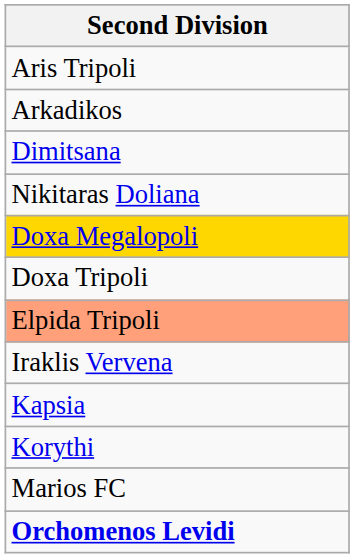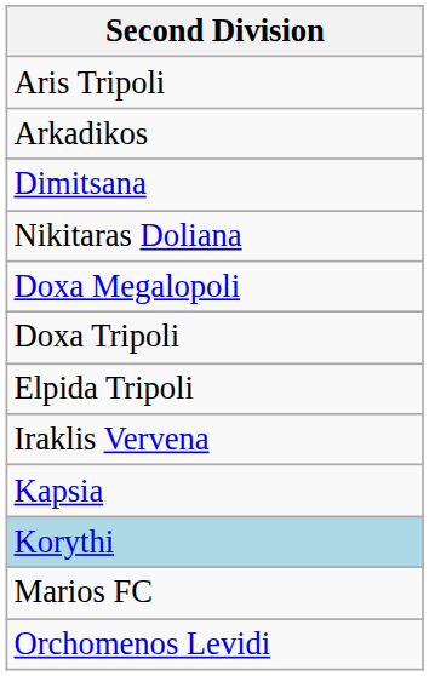 <table class="wikitable" style="text-align:left;margin-left:1em;">
 <tr>
 <th width="200"><strong>Second Division</strong></th>
 </tr>
 <tr>
 <td>Aris Tripoli</td>
 </tr>
 <tr>
 <td>Arkadikos</td>
 </tr>
 <tr>
 <td><a href='#'>Dimitsana</a></td>
 </tr>
 <tr>
 <td>Nikitaras <a href='#'>Doliana</a></td>
 </tr>
 <tr>
-<td style="background: gold;"><a href='#'>Doxa Megalopoli</a></td>
+<td><a href='#'>Doxa Megalopoli</a></td>
 </tr>
 <tr>
 <td>Doxa Tripoli</td>
 </tr>
 <tr>
-<td style="background: lightsalmon;">Elpida Tripoli</td>
+<td>Elpida Tripoli</td>
 </tr>
 <tr>
 <td>Iraklis <a href='#'>Vervena</a></td>
 </tr>
 <tr>
 <td><a href='#'>Kapsia</a></td>
 </tr>
 <tr>
-<td><a href='#'>Korythi</a></td>
+<td style="background: lightblue;"><a href='#'>Korythi</a></td>
 </tr>
 <tr>
 <td>Marios FC</td>
 </tr>
 <tr>
-<td><strong><a href='#'>Orchomenos Levidi</a></strong></td>
+<td><a href='#'>Orchomenos Levidi</a></td>
 </tr>
 </table>
